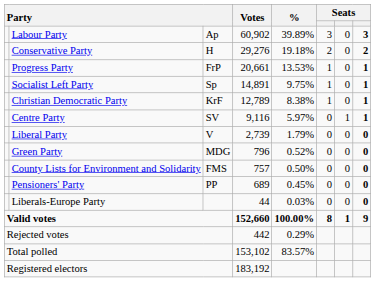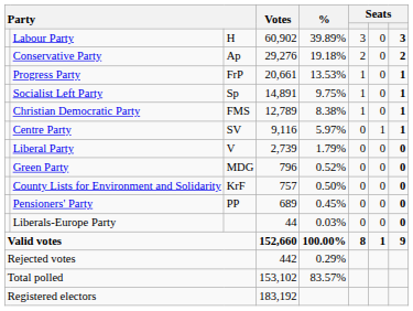 <table class="wikitable" border="1" style="text-align:right;">
 <tr>
 <th style="text-align:left;" valign=bottom rowspan=2 colspan=3>Party</th>
 <th align=center valign=bottom rowspan=2 width="50">Votes</th>
 <th align=center valign=bottom rowspan=2 width="50">%</th>
 <th colspan=3>Seats</th>
 </tr>
 <tr>
 <th align=center valign=bottom width="20"><small></small></th>
 <th align=center valign=bottom width="20"><small><a href='#'></a></small></th>
 <th align=center valign=bottom width="20"><small></small></th>
 </tr>
 <tr>
 <td style="color:inherit;background:"></td>
 <td align=left><a href='#'>Labour Party</a></td>
-<td align=left>Ap</td>
+<td align=left>H</td>
 <td>60,902</td>
 <td>39.89%</td>
 <td>3</td>
 <td>0</td>
 <td><strong>3</strong></td>
 </tr>
 <tr>
 <td style="color:inherit;background:"></td>
 <td align=left><a href='#'>Conservative Party</a></td>
-<td align=left>H</td>
+<td align=left>Ap</td>
 <td>29,276</td>
 <td>19.18%</td>
 <td>2</td>
 <td>0</td>
 <td><strong>2</strong></td>
 </tr>
 <tr>
 <td style="color:inherit;background:"></td>
 <td align=left><a href='#'>Progress Party</a></td>
 <td align=left>FrP</td>
 <td>20,661</td>
 <td>13.53%</td>
 <td>1</td>
 <td>0</td>
 <td><strong>1</strong></td>
 </tr>
 <tr>
 <td style="color:inherit;background:"></td>
 <td align=left><a href='#'>Socialist Left Party</a></td>
 <td align=left>Sp</td>
 <td>14,891</td>
 <td>9.75%</td>
 <td>1</td>
 <td>0</td>
 <td><strong>1</strong></td>
 </tr>
 <tr>
 <td style="color:inherit;background:"></td>
 <td align=left><a href='#'>Christian Democratic Party</a></td>
-<td align=left>KrF</td>
+<td align=left>FMS</td>
 <td>12,789</td>
 <td>8.38%</td>
 <td>1</td>
 <td>0</td>
 <td><strong>1</strong></td>
 </tr>
 <tr>
 <td style="color:inherit;background:"></td>
 <td align=left><a href='#'>Centre Party</a></td>
 <td align=left>SV</td>
 <td>9,116</td>
 <td>5.97%</td>
 <td>0</td>
 <td>1</td>
 <td><strong>1</strong></td>
 </tr>
 <tr>
 <td style="color:inherit;background:"></td>
 <td align=left><a href='#'>Liberal Party</a></td>
 <td align=left>V</td>
 <td>2,739</td>
 <td>1.79%</td>
 <td>0</td>
 <td>0</td>
 <td><strong>0</strong></td>
 </tr>
 <tr>
 <td style="color:inherit;background:"></td>
 <td align=left><a href='#'>Green Party</a></td>
 <td align=left>MDG</td>
 <td>796</td>
 <td>0.52%</td>
 <td>0</td>
 <td>0</td>
 <td><strong>0</strong></td>
 </tr>
 <tr>
 <td></td>
 <td align=left><a href='#'>County Lists for Environment and Solidarity</a></td>
-<td align=left>FMS</td>
+<td align=left>KrF</td>
 <td>757</td>
 <td>0.50%</td>
 <td>0</td>
 <td>0</td>
 <td><strong>0</strong></td>
 </tr>
 <tr>
 <td style="color:inherit;background:"></td>
 <td align=left><a href='#'>Pensioners' Party</a></td>
 <td align=left>PP</td>
 <td>689</td>
 <td>0.45%</td>
 <td>0</td>
 <td>0</td>
 <td><strong>0</strong></td>
 </tr>
 <tr>
 <td></td>
 <td align=left>Liberals-Europe Party</td>
 <td align=left></td>
 <td>44</td>
 <td>0.03%</td>
 <td>0</td>
 <td>0</td>
 <td><strong>0</strong></td>
 </tr>
 <tr style="font-weight:bold">
 <td align=left colspan=3>Valid votes</td>
 <td>152,660</td>
 <td>100.00%</td>
 <td>8</td>
 <td>1</td>
 <td>9</td>
 </tr>
 <tr>
 <td align=left colspan=3>Rejected votes</td>
 <td>442</td>
 <td>0.29%</td>
 <td></td>
 <td></td>
 <td></td>
 </tr>
 <tr>
 <td align=left colspan=3>Total polled</td>
 <td>153,102</td>
 <td>83.57%</td>
 <td></td>
 <td></td>
 <td></td>
 </tr>
 <tr>
 <td align=left colspan=3>Registered electors</td>
 <td>183,192</td>
 <td></td>
 <td></td>
 <td></td>
 <td></td>
 </tr>
 </table>
